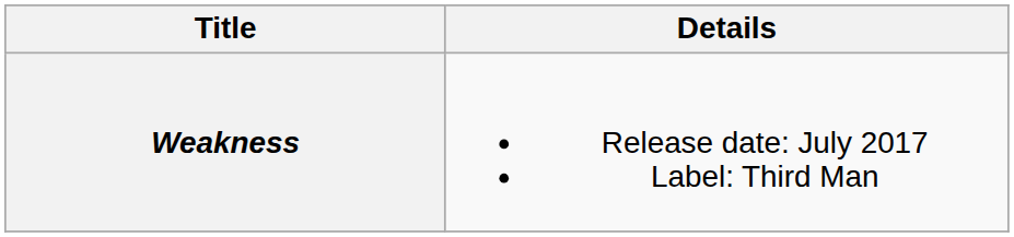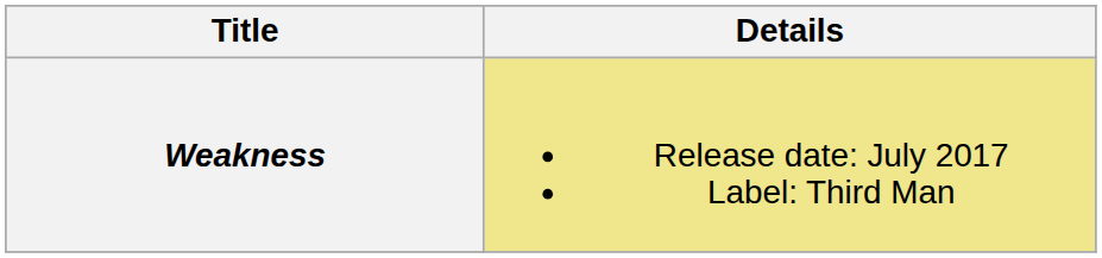 <table class="wikitable plainrowheaders" style="text-align:center;">
 <tr>
 <th style="width:14em;">Title</th>
 <th style="width:18em;">Details</th>
 </tr>
 <tr>
 <th scope="row"><em>Weakness</em></th>
-<td><br><ul><li>Release date: July 2017</li><li>Label: Third Man</li></ul></td>
+<td style="background: khaki;"><br><ul><li>Release date: July 2017</li><li>Label: Third Man</li></ul></td>
 </tr>
 </table>
